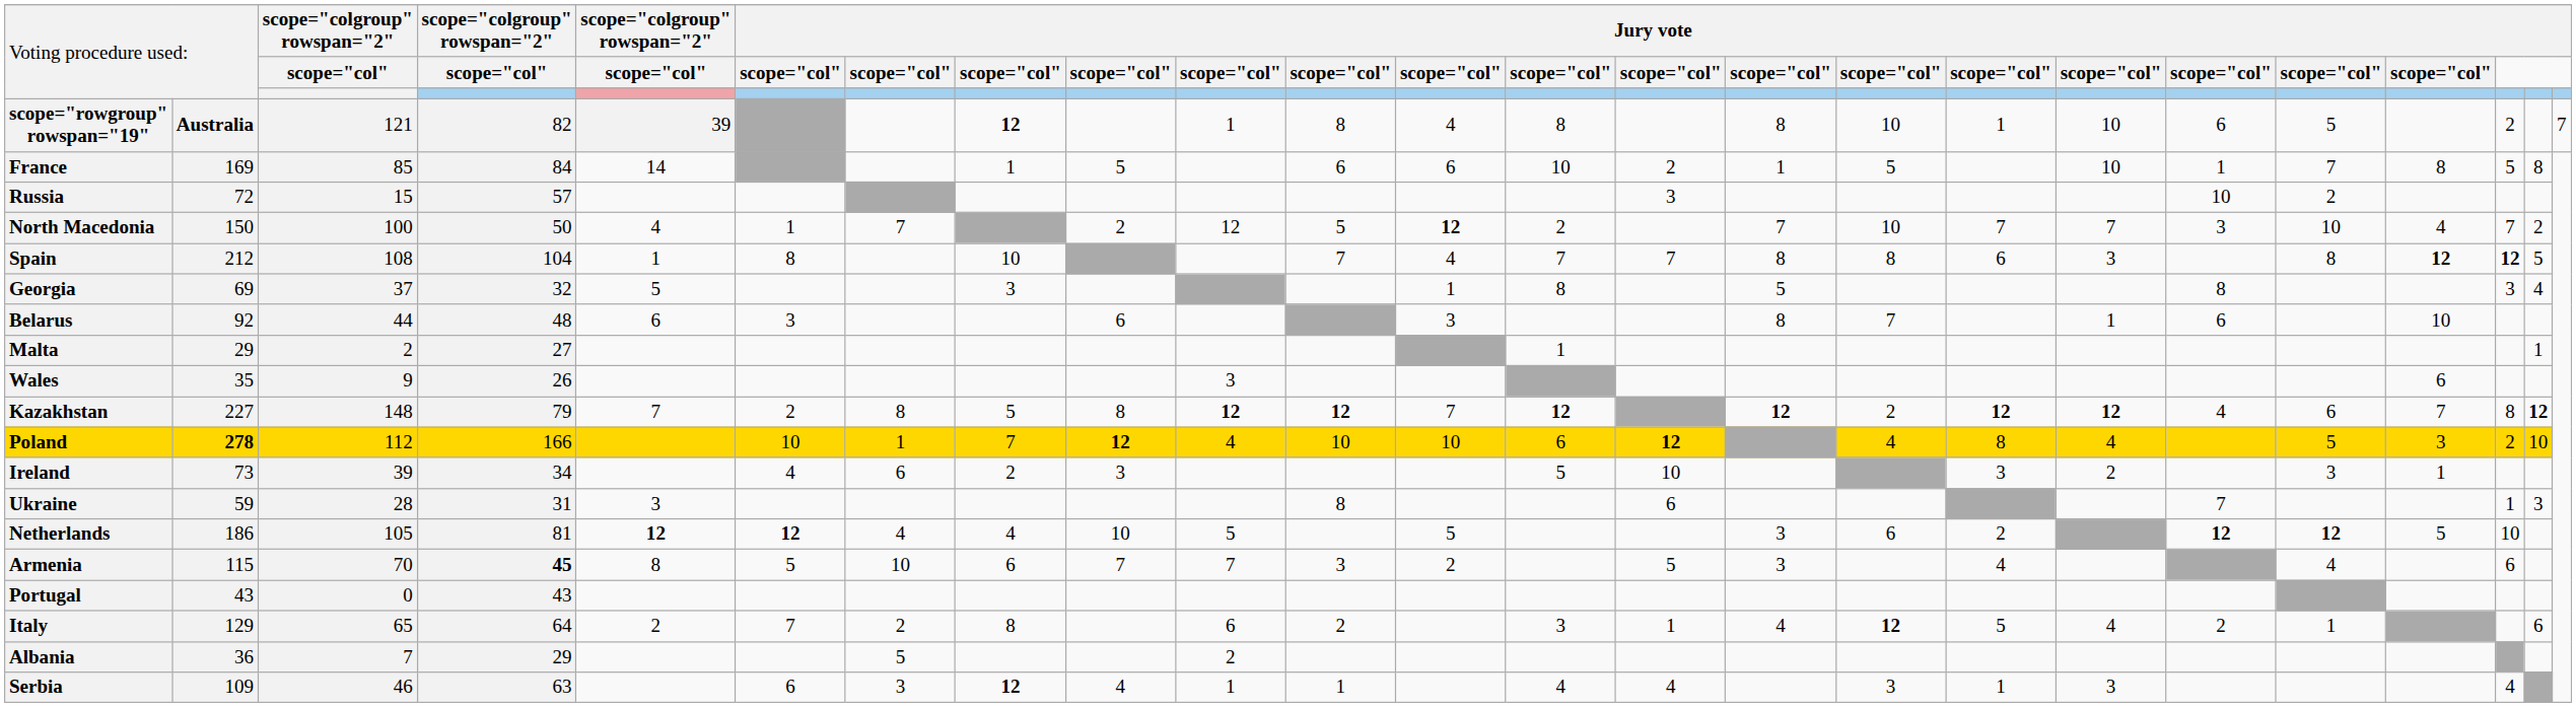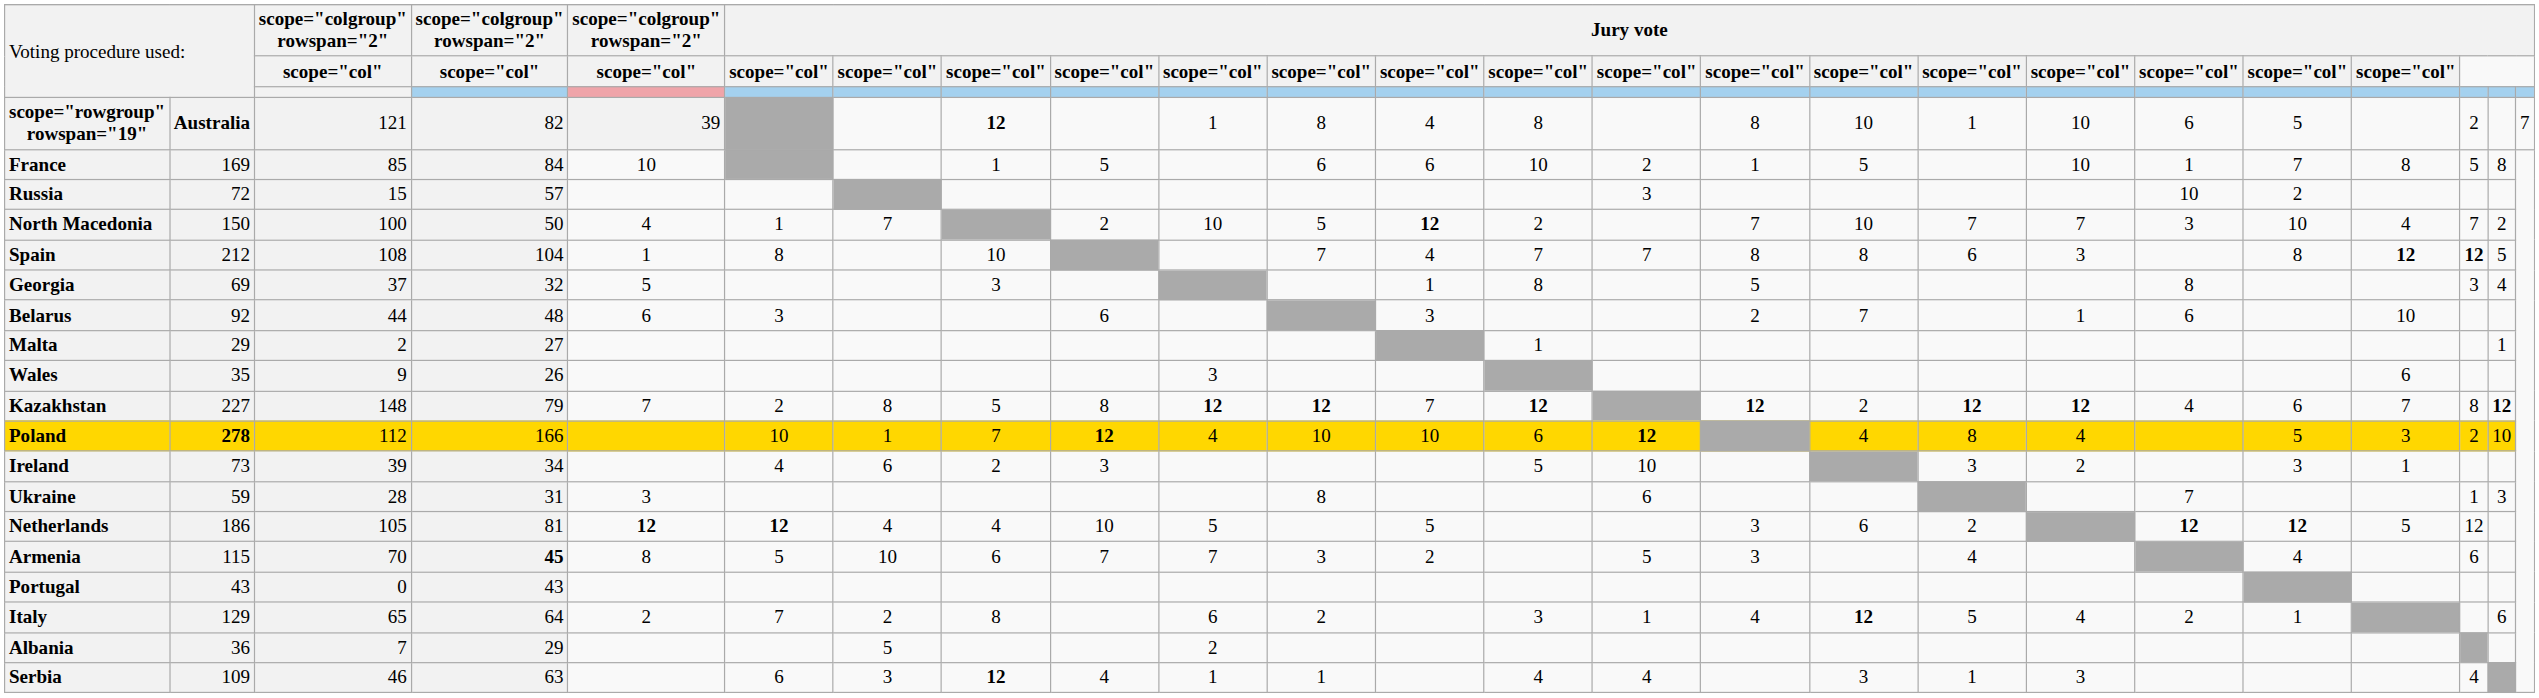 <table class="wikitable plainrowheaders" style="text-align:center;">
 <tr>
 </tr>
 <tr>
 <td colspan="2" rowspan="3" style="text-align:left; background:#F2F2F2">Voting procedure used:<br></td>
 <th>scope="colgroup" rowspan="2" </th>
 <th>scope="colgroup" rowspan="2" </th>
 <th>scope="colgroup" rowspan="2" </th>
 <th colspan="19" scope="colgroup">Jury vote</th>
 </tr>
 <tr>
 <th>scope="col" </th>
 <th>scope="col" </th>
 <th>scope="col" </th>
 <th>scope="col" </th>
 <th>scope="col" </th>
 <th>scope="col" </th>
 <th>scope="col" </th>
 <th>scope="col" </th>
 <th>scope="col" </th>
 <th>scope="col" </th>
 <th>scope="col" </th>
 <th>scope="col" </th>
 <th>scope="col" </th>
 <th>scope="col" </th>
 <th>scope="col" </th>
 <th>scope="col" </th>
 <th>scope="col" </th>
 <th>scope="col" </th>
 <th>scope="col" </th>
 </tr>
 <tr>
 <th style="height:2px; border-top:1px solid transparent;"></th>
 <td style="background:#A4D1EF;"></td>
 <td style="background:#EFA4A9;"></td>
 <td style="background:#A4D1EF;"></td>
 <td style="background:#A4D1EF;"></td>
 <td style="background:#A4D1EF;"></td>
 <td style="background:#A4D1EF;"></td>
 <td style="background:#A4D1EF;"></td>
 <td style="background:#A4D1EF;"></td>
 <td style="background:#A4D1EF;"></td>
 <td style="background:#A4D1EF;"></td>
 <td style="background:#A4D1EF;"></td>
 <td style="background:#A4D1EF;"></td>
 <td style="background:#A4D1EF;"></td>
 <td style="background:#A4D1EF;"></td>
 <td style="background:#A4D1EF;"></td>
 <td style="background:#A4D1EF;"></td>
 <td style="background:#A4D1EF;"></td>
 <td style="background:#A4D1EF;"></td>
 <td style="background:#A4D1EF;"></td>
 <td style="background:#A4D1EF;"></td>
 <td style="background:#A4D1EF;"></td>
 </tr>
 <tr>
 <th>scope="rowgroup" rowspan="19" </th>
 <th scope="row" style="text-align:left; background:#f2f2f2;">Australia</th>
 <td style="text-align:right; background:#f2f2f2;">121</td>
 <td style="text-align:right; background:#f2f2f2;">82</td>
 <td style="text-align:right; background:#f2f2f2;">39</td>
 <td style="text-align:left; background:#aaa;"></td>
 <td></td>
 <td><strong>12</strong></td>
 <td></td>
 <td>1</td>
 <td>8</td>
 <td>4</td>
 <td>8</td>
 <td></td>
 <td>8</td>
 <td>10</td>
 <td>1</td>
 <td>10</td>
 <td>6</td>
 <td>5</td>
 <td></td>
 <td>2</td>
 <td></td>
 <td>7</td>
 </tr>
 <tr>
 <th scope="row" style="text-align:left; background:#f2f2f2;">France</th>
 <td style="text-align:right; background:#f2f2f2;">169</td>
 <td style="text-align:right; background:#f2f2f2;">85</td>
 <td style="text-align:right; background:#f2f2f2;">84</td>
-<td>14</td>
+<td>10</td>
 <td style="text-align:left; background:#aaa;"></td>
 <td></td>
 <td>1</td>
 <td>5</td>
 <td></td>
 <td>6</td>
 <td>6</td>
 <td>10</td>
 <td>2</td>
 <td>1</td>
 <td>5</td>
 <td></td>
 <td>10</td>
 <td>1</td>
 <td>7</td>
 <td>8</td>
 <td>5</td>
 <td>8</td>
 </tr>
 <tr>
 <th scope="row" style="text-align:left; background:#f2f2f2;">Russia</th>
 <td style="text-align:right; background:#f2f2f2;">72</td>
 <td style="text-align:right; background:#f2f2f2;">15</td>
 <td style="text-align:right; background:#f2f2f2;">57</td>
 <td></td>
 <td></td>
 <td style="text-align:left; background:#aaa;"></td>
 <td></td>
 <td></td>
 <td></td>
 <td></td>
 <td></td>
 <td></td>
 <td>3</td>
 <td></td>
 <td></td>
 <td></td>
 <td></td>
 <td>10</td>
 <td>2</td>
 <td></td>
 <td></td>
 <td></td>
 </tr>
 <tr>
 <th scope="row" style="text-align:left; background:#f2f2f2;">North Macedonia</th>
 <td style="text-align:right; background:#f2f2f2;">150</td>
 <td style="text-align:right; background:#f2f2f2;">100</td>
 <td style="text-align:right; background:#f2f2f2;">50</td>
 <td>4</td>
 <td>1</td>
 <td>7</td>
 <td style="text-align:left; background:#aaa;"></td>
 <td>2</td>
-<td>12</td>
+<td>10</td>
 <td>5</td>
 <td><strong>12</strong></td>
 <td>2</td>
 <td></td>
 <td>7</td>
 <td>10</td>
 <td>7</td>
 <td>7</td>
 <td>3</td>
 <td>10</td>
 <td>4</td>
 <td>7</td>
 <td>2</td>
 </tr>
 <tr>
 <th scope="row" style="text-align:left; background:#f2f2f2;">Spain</th>
 <td style="text-align:right; background:#f2f2f2;">212</td>
 <td style="text-align:right; background:#f2f2f2;">108</td>
 <td style="text-align:right; background:#f2f2f2;">104</td>
 <td>1</td>
 <td>8</td>
 <td></td>
 <td>10</td>
 <td style="text-align:left; background:#aaa;"></td>
 <td></td>
 <td>7</td>
 <td>4</td>
 <td>7</td>
 <td>7</td>
 <td>8</td>
 <td>8</td>
 <td>6</td>
 <td>3</td>
 <td></td>
 <td>8</td>
 <td><strong>12</strong></td>
 <td><strong>12</strong></td>
 <td>5</td>
 </tr>
 <tr>
 <th scope="row" style="text-align:left; background:#f2f2f2;">Georgia</th>
 <td style="text-align:right; background:#f2f2f2;">69</td>
 <td style="text-align:right; background:#f2f2f2;">37</td>
 <td style="text-align:right; background:#f2f2f2;">32</td>
 <td>5</td>
 <td></td>
 <td></td>
 <td>3</td>
 <td></td>
 <td style="text-align:left; background:#aaa;"></td>
 <td></td>
 <td>1</td>
 <td>8</td>
 <td></td>
 <td>5</td>
 <td></td>
 <td></td>
 <td></td>
 <td>8</td>
 <td></td>
 <td></td>
 <td>3</td>
 <td>4</td>
 </tr>
 <tr>
 <th scope="row" style="text-align:left; background:#f2f2f2;">Belarus</th>
 <td style="text-align:right; background:#f2f2f2;">92</td>
 <td style="text-align:right; background:#f2f2f2;">44</td>
 <td style="text-align:right; background:#f2f2f2;">48</td>
 <td>6</td>
 <td>3</td>
 <td></td>
 <td></td>
 <td>6</td>
 <td></td>
 <td style="text-align:left; background:#aaa;"></td>
 <td>3</td>
 <td></td>
 <td></td>
-<td>8</td>
+<td>2</td>
 <td>7</td>
 <td></td>
 <td>1</td>
 <td>6</td>
 <td></td>
 <td>10</td>
 <td></td>
 <td></td>
 </tr>
 <tr>
 <th scope="row" style="text-align:left; background:#f2f2f2;">Malta</th>
 <td style="text-align:right; background:#f2f2f2;">29</td>
 <td style="text-align:right; background:#f2f2f2;">2</td>
 <td style="text-align:right; background:#f2f2f2;">27</td>
 <td></td>
 <td></td>
 <td></td>
 <td></td>
 <td></td>
 <td></td>
 <td></td>
 <td style="text-align:left; background:#aaa;"></td>
 <td>1</td>
 <td></td>
 <td></td>
 <td></td>
 <td></td>
 <td></td>
 <td></td>
 <td></td>
 <td></td>
 <td></td>
 <td>1</td>
 </tr>
 <tr>
 <th scope="row" style="text-align:left; background:#f2f2f2;">Wales</th>
 <td style="text-align:right; background:#f2f2f2;">35</td>
 <td style="text-align:right; background:#f2f2f2;">9</td>
 <td style="text-align:right; background:#f2f2f2;">26</td>
 <td></td>
 <td></td>
 <td></td>
 <td></td>
 <td></td>
 <td>3</td>
 <td></td>
 <td></td>
 <td style="text-align:left; background:#aaa;"></td>
 <td></td>
 <td></td>
 <td></td>
 <td></td>
 <td></td>
 <td></td>
 <td></td>
 <td>6</td>
 <td></td>
 <td></td>
 </tr>
 <tr>
 <th scope="row" style="text-align:left; background:#f2f2f2;">Kazakhstan</th>
 <td style="text-align:right; background:#f2f2f2;">227</td>
 <td style="text-align:right; background:#f2f2f2;">148</td>
 <td style="text-align:right; background:#f2f2f2;">79</td>
 <td>7</td>
 <td>2</td>
 <td>8</td>
 <td>5</td>
 <td>8</td>
 <td><strong>12</strong></td>
 <td><strong>12</strong></td>
 <td>7</td>
 <td><strong>12</strong></td>
 <td style="text-align:left; background:#aaa;"></td>
 <td><strong>12</strong></td>
 <td>2</td>
 <td><strong>12</strong></td>
 <td><strong>12</strong></td>
 <td>4</td>
 <td>6</td>
 <td>7</td>
 <td>8</td>
 <td><strong>12</strong></td>
 </tr>
 <tr style="background:gold;">
 <th scope="row" style="text-align:left; font-weight:bold; background:gold;">Poland</th>
 <td style="text-align:right; font-weight:bold;">278</td>
 <td style="text-align:right;">112</td>
 <td style="text-align:right;">166</td>
 <td></td>
 <td>10</td>
 <td>1</td>
 <td>7</td>
 <td><strong>12</strong></td>
 <td>4</td>
 <td>10</td>
 <td>10</td>
 <td>6</td>
 <td><strong>12</strong></td>
 <td style="text-align:left; background:#aaa;"></td>
 <td>4</td>
 <td>8</td>
 <td>4</td>
 <td></td>
 <td>5</td>
 <td>3</td>
 <td>2</td>
 <td>10</td>
 </tr>
 <tr>
 <th scope="row" style="text-align:left; background:#f2f2f2;">Ireland</th>
 <td style="text-align:right; background:#f2f2f2;">73</td>
 <td style="text-align:right; background:#f2f2f2;">39</td>
 <td style="text-align:right; background:#f2f2f2;">34</td>
 <td></td>
 <td>4</td>
 <td>6</td>
 <td>2</td>
 <td>3</td>
 <td></td>
 <td></td>
 <td></td>
 <td>5</td>
 <td>10</td>
 <td></td>
 <td style="text-align:left; background:#aaa;"></td>
 <td>3</td>
 <td>2</td>
 <td></td>
 <td>3</td>
 <td>1</td>
 <td></td>
 <td></td>
 </tr>
 <tr>
 <th scope="row" style="text-align:left; background:#f2f2f2;">Ukraine</th>
 <td style="text-align:right; background:#f2f2f2;">59</td>
 <td style="text-align:right; background:#f2f2f2;">28</td>
 <td style="text-align:right; background:#f2f2f2;">31</td>
 <td>3</td>
 <td></td>
 <td></td>
 <td></td>
 <td></td>
 <td></td>
 <td>8</td>
 <td></td>
 <td></td>
 <td>6</td>
 <td></td>
 <td></td>
 <td style="text-align:left; background:#aaa;"></td>
 <td></td>
 <td>7</td>
 <td></td>
 <td></td>
 <td>1</td>
 <td>3</td>
 </tr>
 <tr>
 <th scope="row" style="text-align:left; background:#f2f2f2;">Netherlands</th>
 <td style="text-align:right; background:#f2f2f2;">186</td>
 <td style="text-align:right; background:#f2f2f2;">105</td>
 <td style="text-align:right; background:#f2f2f2;">81</td>
 <td><strong>12</strong></td>
 <td><strong>12</strong></td>
 <td>4</td>
 <td>4</td>
 <td>10</td>
 <td>5</td>
 <td></td>
 <td>5</td>
 <td></td>
 <td></td>
 <td>3</td>
 <td>6</td>
 <td>2</td>
 <td style="text-align:left; background:#aaa;"></td>
 <td><strong>12</strong></td>
 <td><strong>12</strong></td>
 <td>5</td>
-<td>10</td>
+<td>12</td>
 <td></td>
 </tr>
 <tr>
 <th scope="row" style="text-align:left; background:#f2f2f2;">Armenia</th>
 <td style="text-align:right; background:#f2f2f2;">115</td>
 <td style="text-align:right; background:#f2f2f2;">70</td>
 <td style="text-align:right; background:#f2f2f2;"><strong>45</strong></td>
 <td>8</td>
 <td>5</td>
 <td>10</td>
 <td>6</td>
 <td>7</td>
 <td>7</td>
 <td>3</td>
 <td>2</td>
 <td></td>
 <td>5</td>
 <td>3</td>
 <td></td>
 <td>4</td>
 <td></td>
 <td style="text-align:left; background:#aaa;"></td>
 <td>4</td>
 <td></td>
 <td>6</td>
 <td></td>
 </tr>
 <tr>
 <th scope="row" style="text-align:left; background:#f2f2f2;">Portugal</th>
 <td style="text-align:right; background:#f2f2f2;">43</td>
 <td style="text-align:right; background:#f2f2f2;">0</td>
 <td style="text-align:right; background:#f2f2f2;">43</td>
 <td></td>
 <td></td>
 <td></td>
 <td></td>
 <td></td>
 <td></td>
 <td></td>
 <td></td>
 <td></td>
 <td></td>
 <td></td>
 <td></td>
 <td></td>
 <td></td>
 <td></td>
 <td style="text-align:left; background:#aaa;"></td>
 <td></td>
 <td></td>
 <td></td>
 </tr>
 <tr>
 <th scope="row" style="text-align:left; background:#f2f2f2;">Italy</th>
 <td style="text-align:right; background:#f2f2f2;">129</td>
 <td style="text-align:right; background:#f2f2f2;">65</td>
 <td style="text-align:right; background:#f2f2f2;">64</td>
 <td>2</td>
 <td>7</td>
 <td>2</td>
 <td>8</td>
 <td></td>
 <td>6</td>
 <td>2</td>
 <td></td>
 <td>3</td>
 <td>1</td>
 <td>4</td>
 <td><strong>12</strong></td>
 <td>5</td>
 <td>4</td>
 <td>2</td>
 <td>1</td>
 <td style="text-align:left; background:#aaa;"></td>
 <td></td>
 <td>6</td>
 </tr>
 <tr>
 <th scope="row" style="text-align:left; background:#f2f2f2;">Albania</th>
 <td style="text-align:right; background:#f2f2f2;">36</td>
 <td style="text-align:right; background:#f2f2f2;">7</td>
 <td style="text-align:right; background:#f2f2f2;">29</td>
 <td></td>
 <td></td>
 <td>5</td>
 <td></td>
 <td></td>
 <td>2</td>
 <td></td>
 <td></td>
 <td></td>
 <td></td>
 <td></td>
 <td></td>
 <td></td>
 <td></td>
 <td></td>
 <td></td>
 <td></td>
 <td style="text-align:left; background:#aaa;"></td>
 <td></td>
 </tr>
 <tr>
 <th scope="row" style="text-align:left; background:#f2f2f2;">Serbia</th>
 <td style="text-align:right; background:#f2f2f2;">109</td>
 <td style="text-align:right; background:#f2f2f2;">46</td>
 <td style="text-align:right; background:#f2f2f2;">63</td>
 <td></td>
 <td>6</td>
 <td>3</td>
 <td><strong>12</strong></td>
 <td>4</td>
 <td>1</td>
 <td>1</td>
 <td></td>
 <td>4</td>
 <td>4</td>
 <td></td>
 <td>3</td>
 <td>1</td>
 <td>3</td>
 <td></td>
 <td></td>
 <td></td>
 <td>4</td>
 <td style="text-align:left; background:#aaa;"></td>
 </tr>
 </table>
